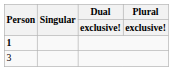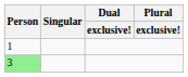 <table class="wikitable">
 <tr>
 <th rowspan="2">Person</th>
 <th rowspan="2">Singular</th>
 <th>Dual</th>
 <th>Plural</th>
 </tr>
 <tr>
 <th>exclusive!</th>
 <th>exclusive!</th>
 </tr>
 <tr>
-<td><strong>1</strong></td>
+<td>1</td>
 <td></td>
 <td colspan="2"></td>
 </tr>
 <tr>
-<td>3</td>
+<td style="background: lightgreen;">3</td>
 <td></td>
 <td colspan="2"></td>
 </tr>
 </table>
